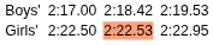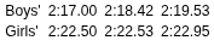 <table>
 <tr>
 <td>Boys'<br></td>
 <td></td>
 <td>2:17.00</td>
 <td></td>
 <td>2:18.42</td>
 <td></td>
 <td>2:19.53</td>
 </tr>
 <tr>
 <td>Girls'<br></td>
 <td></td>
 <td>2:22.50</td>
 <td></td>
-<td style="background: lightsalmon;">2:22.53</td>
+<td>2:22.53</td>
 <td></td>
 <td>2:22.95</td>
 </tr>
 </table>
